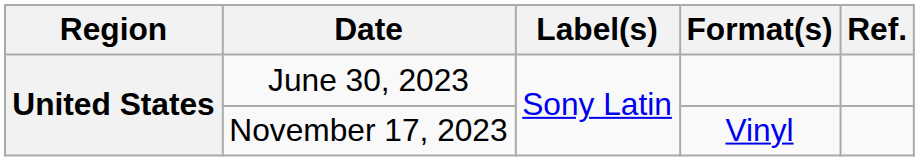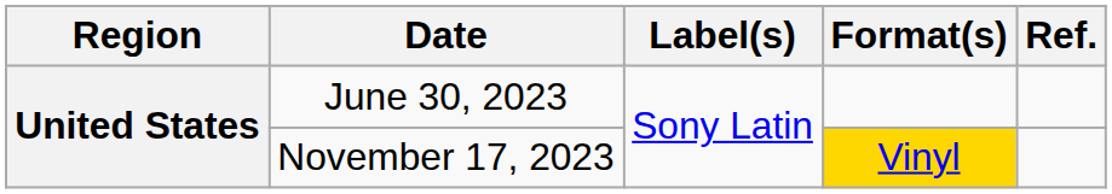 <table class="wikitable plainrowheaders" style="text-align:center;">
 <tr>
 <th scope="col">Region</th>
 <th scope="col">Date</th>
 <th scope="col">Label(s)</th>
 <th scope="col">Format(s)</th>
 <th scope="col">Ref.</th>
 </tr>
 <tr>
 <th rowspan="2" scope="row" style="text-align:center;">United States</th>
 <td>June 30, 2023</td>
 <td rowspan="2"><a href='#'>Sony Latin</a></td>
 <td></td>
 <td></td>
 </tr>
 <tr>
 <td>November 17, 2023</td>
-<td><a href='#'>Vinyl</a></td>
+<td style="background: gold;"><a href='#'>Vinyl</a></td>
 <td></td>
 </tr>
 </table>
